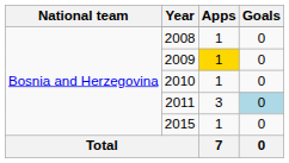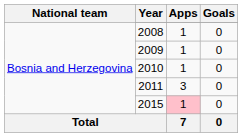 <table class="wikitable" style="text-align: center;">
 <tr>
 <th>National team</th>
 <th>Year</th>
 <th>Apps</th>
 <th>Goals</th>
 </tr>
 <tr>
 <td rowspan="6"><a href='#'>Bosnia and Herzegovina</a></td>
 </tr>
 <tr>
 <td>2008</td>
 <td>1</td>
 <td>0</td>
 </tr>
 <tr>
 <td>2009</td>
-<td style="background: gold;">1</td>
+<td>1</td>
 <td>0</td>
 </tr>
 <tr>
 <td>2010</td>
 <td>1</td>
 <td>0</td>
 </tr>
 <tr>
 <td>2011</td>
 <td>3</td>
-<td style="background: lightblue;">0</td>
+<td>0</td>
 </tr>
 <tr>
 <td>2015</td>
-<td>1</td>
+<td style="background: pink;">1</td>
 <td>0</td>
 </tr>
 <tr>
 <th colspan="2">Total</th>
 <th>7</th>
 <th>0</th>
 </tr>
 </table>
